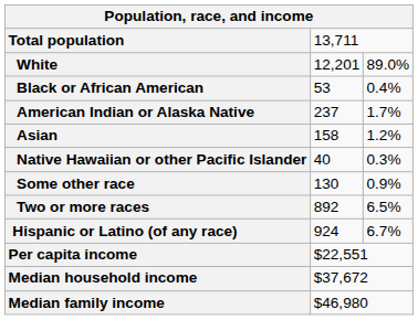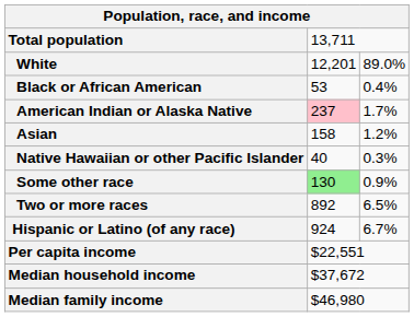 <table class="wikitable sortable mw-collapsible collapsible collapsed">
 <tr>
 <th colspan=6>Population, race, and income</th>
 </tr>
 <tr>
 <th scope="row" style="text-align: left;">Total population</th>
 <td colspan=2>13,711</td>
 </tr>
 <tr>
 <th scope="row" style="text-align: left;">  White</th>
 <td>12,201</td>
 <td>89.0%</td>
 </tr>
 <tr>
 <th scope="row" style="text-align: left;">  Black or African American</th>
 <td>53</td>
 <td>0.4%</td>
 </tr>
 <tr>
 <th scope="row" style="text-align: left;">  American Indian or Alaska Native</th>
-<td>237</td>
+<td style="background: pink;">237</td>
 <td>1.7%</td>
 </tr>
 <tr>
 <th scope="row" style="text-align: left;">  Asian</th>
 <td>158</td>
 <td>1.2%</td>
 </tr>
 <tr>
 <th scope="row" style="text-align: left;">  Native Hawaiian or other Pacific Islander</th>
 <td>40</td>
 <td>0.3%</td>
 </tr>
 <tr>
 <th scope="row" style="text-align: left;">  Some other race</th>
-<td>130</td>
+<td style="background: lightgreen;">130</td>
 <td>0.9%</td>
 </tr>
 <tr>
 <th scope="row" style="text-align: left;">  Two or more races</th>
 <td>892</td>
 <td>6.5%</td>
 </tr>
 <tr>
 <th scope="row" style="text-align: left;"> Hispanic or Latino (of any race)</th>
 <td>924</td>
 <td>6.7%</td>
 </tr>
 <tr>
 <th scope="row" style="text-align: left;">Per capita income</th>
 <td colspan=2>$22,551</td>
 </tr>
 <tr>
 <th scope="row" style="text-align: left;">Median household income</th>
 <td colspan=2>$37,672</td>
 </tr>
 <tr>
 <th scope="row" style="text-align: left;">Median family income</th>
 <td colspan=2>$46,980</td>
 </tr>
 </table>
